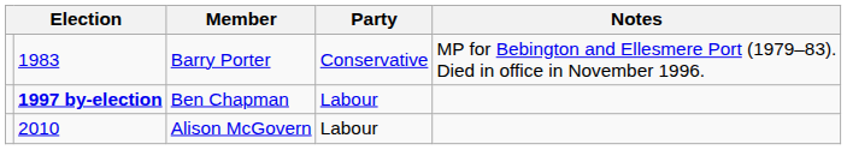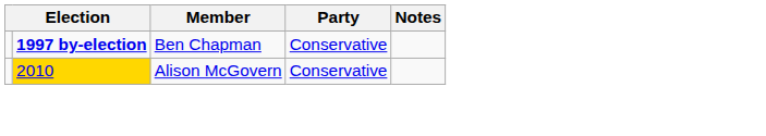 <table class="wikitable">
 <tr>
 <th colspan="2">Election</th>
 <th>Member</th>
 <th>Party</th>
 <th>Notes</th>
 </tr>
 <tr>
 <td style="color:inherit;background-color: "></td>
-<td><a href='#'>1983</a></td>
-<td><a href='#'>Barry Porter</a></td>
-<td><a href='#'>Conservative</a></td>
-<td>MP for <a href='#'>Bebington and Ellesmere Port</a> (1979–83).<br>Died in office in November 1996.</td>
-</tr>
-<tr>
-<td style="color:inherit;background-color: "></td>
 <td><strong><a href='#'>1997 by-election</a></strong></td>
 <td><a href='#'>Ben Chapman</a></td>
-<td><a href='#'>Labour</a></td>
+<td><a href='#'>Conservative</a></td>
 <td></td>
 </tr>
 <tr>
 <td style="color:inherit;background-color: "></td>
-<td><a href='#'>2010</a></td>
+<td style="background: gold;"><a href='#'>2010</a></td>
 <td><a href='#'>Alison McGovern</a></td>
-<td>Labour</td>
+<td><a href='#'>Conservative</a></td>
 <td></td>
 </tr>
 </table>
